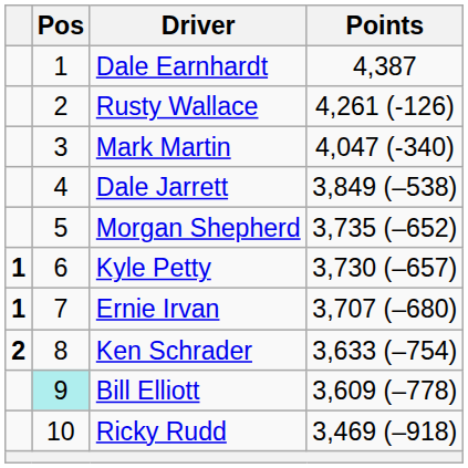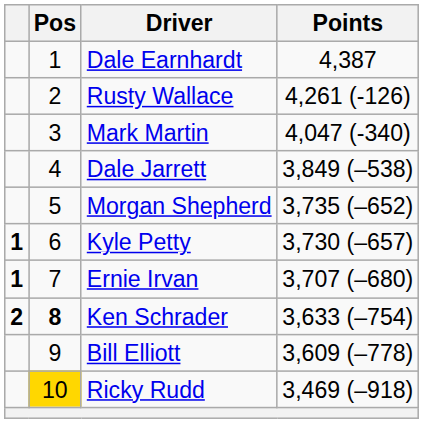 <table class="wikitable" style="font-size: 95%;">
 <tr>
 <th></th>
 <th>Pos</th>
 <th>Driver</th>
 <th>Points</th>
 </tr>
 <tr>
 <td align="left"></td>
 <td style="text-align:center;">1</td>
 <td><a href='#'>Dale Earnhardt</a></td>
 <td style="text-align:center;">4,387</td>
 </tr>
 <tr>
 <td align="left"></td>
 <td style="text-align:center;">2</td>
 <td><a href='#'>Rusty Wallace</a></td>
 <td style="text-align:center;">4,261 (-126)</td>
 </tr>
 <tr>
 <td align="left"></td>
 <td style="text-align:center;">3</td>
 <td><a href='#'>Mark Martin</a></td>
 <td style="text-align:center;">4,047 (-340)</td>
 </tr>
 <tr>
 <td align="left"></td>
 <td style="text-align:center;">4</td>
 <td><a href='#'>Dale Jarrett</a></td>
 <td style="text-align:center;">3,849 (–538)</td>
 </tr>
 <tr>
 <td align="left"></td>
 <td style="text-align:center;">5</td>
 <td><a href='#'>Morgan Shepherd</a></td>
 <td style="text-align:center;">3,735 (–652)</td>
 </tr>
 <tr>
 <td align="left"> <strong>1</strong></td>
 <td style="text-align:center;">6</td>
 <td><a href='#'>Kyle Petty</a></td>
 <td style="text-align:center;">3,730 (–657)</td>
 </tr>
 <tr>
 <td align="left"> <strong>1</strong></td>
 <td style="text-align:center;">7</td>
 <td><a href='#'>Ernie Irvan</a></td>
 <td style="text-align:center;">3,707 (–680)</td>
 </tr>
 <tr>
 <td align="left"> <strong>2</strong></td>
-<td style="text-align:center;">8</td>
+<td style="text-align:center;"><strong>8</strong></td>
 <td><a href='#'>Ken Schrader</a></td>
 <td style="text-align:center;">3,633 (–754)</td>
 </tr>
 <tr>
 <td align="left"></td>
-<td style="background: paleturquoise; text-align:center;">9</td>
+<td style="text-align:center;">9</td>
 <td><a href='#'>Bill Elliott</a></td>
 <td style="text-align:center;">3,609 (–778)</td>
 </tr>
 <tr>
 <td align="left"></td>
-<td style="text-align:center;">10</td>
+<td style="background: gold; text-align:center;">10</td>
 <td><a href='#'>Ricky Rudd</a></td>
 <td style="text-align:center;">3,469 (–918)</td>
 </tr>
 <tr class="sortbottom">
 <th colspan="9"></th>
 </tr>
 </table>
